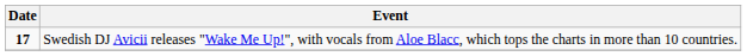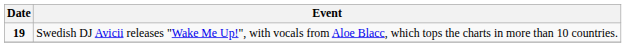 <table class="wikitable">
 <tr>
 <th>Date</th>
 <th>Event</th>
 </tr>
 <tr>
-<td style="text-align:center;"><strong>17</strong></td>
+<td style="text-align:center;"><strong>19</strong></td>
 <td>Swedish DJ <a href='#'>Avicii</a> releases "<a href='#'>Wake Me Up!</a>", with vocals from <a href='#'>Aloe Blacc</a>, which tops the charts in more than 10 countries.</td>
 </tr>
 <tr>
 </tr>
 </table>
